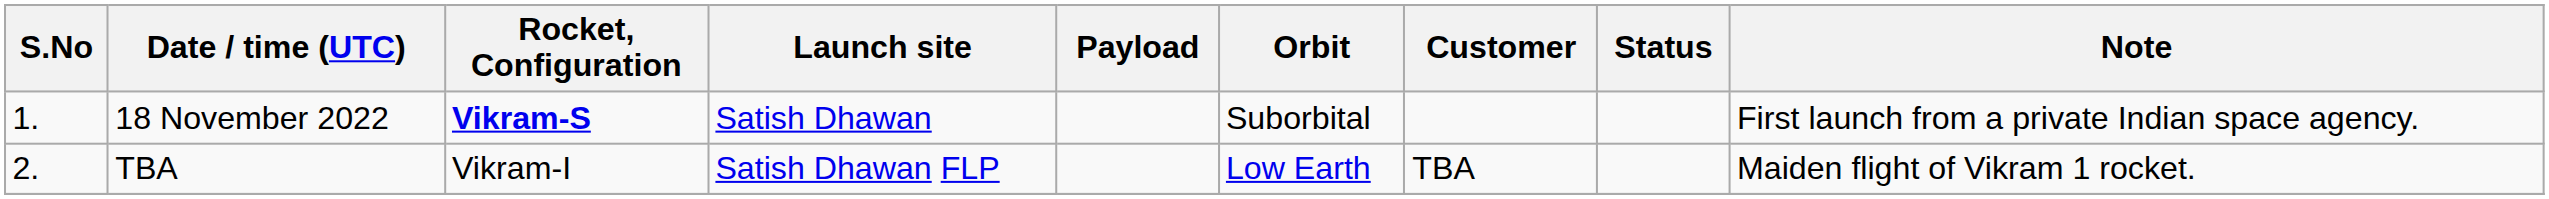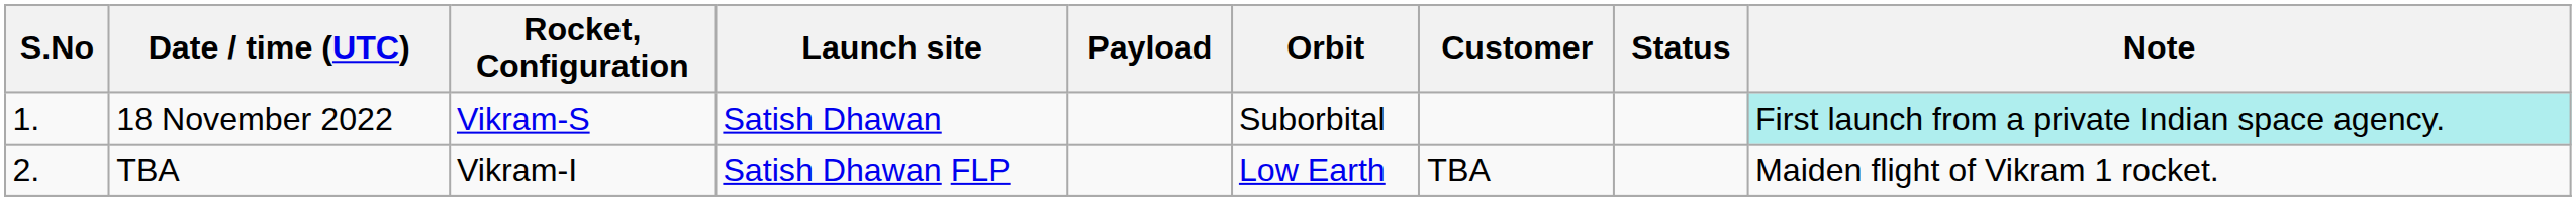 <table class="wikitable plainrowheaders" style="width: 100%;">
 <tr>
 <th scope="col">S.No</th>
 <th scope="col">Date / time (<a href='#'>UTC</a>)</th>
 <th scope="col">Rocket,<br>Configuration</th>
 <th scope="col">Launch site</th>
 <th scope="col">Payload</th>
 <th scope="col">Orbit</th>
 <th>Customer</th>
 <th>Status</th>
 <th>Note</th>
 </tr>
 <tr>
 <td>1.</td>
 <td>18 November 2022</td>
-<td><strong><a href='#'>Vikram-S</a></strong></td>
+<td><a href='#'>Vikram-S</a></td>
 <td><a href='#'>Satish Dhawan</a></td>
 <td></td>
 <td>Suborbital</td>
 <td></td>
 <td></td>
-<td>First launch from a private Indian space agency.</td>
+<td style="background: paleturquoise;">First launch from a private Indian space agency.</td>
 </tr>
 <tr>
 <td>2.</td>
 <td>TBA</td>
 <td>Vikram-I</td>
 <td><a href='#'>Satish Dhawan</a> <a href='#'>FLP</a></td>
 <td></td>
 <td><a href='#'>Low Earth</a></td>
 <td>TBA</td>
 <td></td>
 <td>Maiden flight of Vikram 1 rocket.</td>
 </tr>
 <tr>
 </tr>
 </table>
